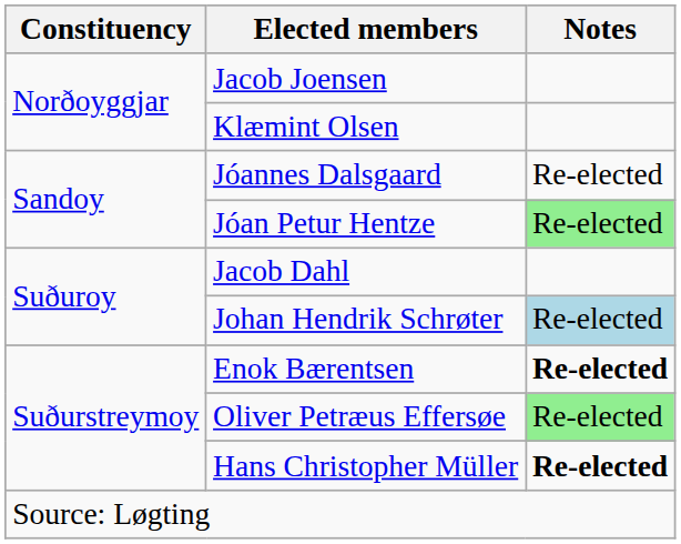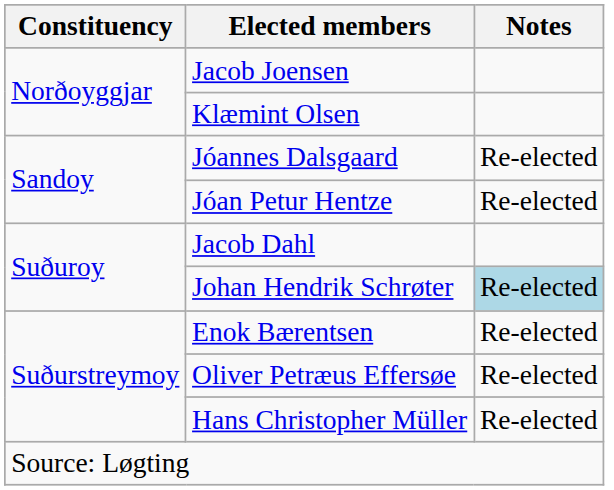 <table class=wikitable>
 <tr>
 <th>Constituency</th>
 <th>Elected members</th>
 <th>Notes</th>
 </tr>
 <tr>
 <td rowspan=2><a href='#'>Norðoyggjar</a></td>
 <td><a href='#'>Jacob Joensen</a></td>
 <td></td>
 </tr>
 <tr>
 <td><a href='#'>Klæmint Olsen</a></td>
 <td></td>
 </tr>
 <tr>
 <td rowspan=2><a href='#'>Sandoy</a></td>
 <td><a href='#'>Jóannes Dalsgaard</a></td>
 <td>Re-elected</td>
 </tr>
 <tr>
 <td><a href='#'>Jóan Petur Hentze</a></td>
-<td style="background: lightgreen;">Re-elected</td>
+<td>Re-elected</td>
 </tr>
 <tr>
 <td rowspan=2><a href='#'>Suðuroy</a></td>
 <td><a href='#'>Jacob Dahl</a></td>
 <td></td>
 </tr>
 <tr>
 <td><a href='#'>Johan Hendrik Schrøter</a></td>
 <td style="background: lightblue;">Re-elected</td>
 </tr>
 <tr>
 <td rowspan=3><a href='#'>Suðurstreymoy</a></td>
 <td><a href='#'>Enok Bærentsen</a></td>
-<td><strong>Re-elected</strong></td>
+<td>Re-elected</td>
 </tr>
 <tr>
 <td><a href='#'>Oliver Petræus Effersøe</a></td>
-<td style="background: lightgreen;">Re-elected</td>
+<td>Re-elected</td>
 </tr>
 <tr>
 <td><a href='#'>Hans Christopher Müller</a></td>
-<td><strong>Re-elected</strong></td>
+<td>Re-elected</td>
 </tr>
 <tr>
 <td colspan=3>Source: Løgting</td>
 </tr>
 </table>
